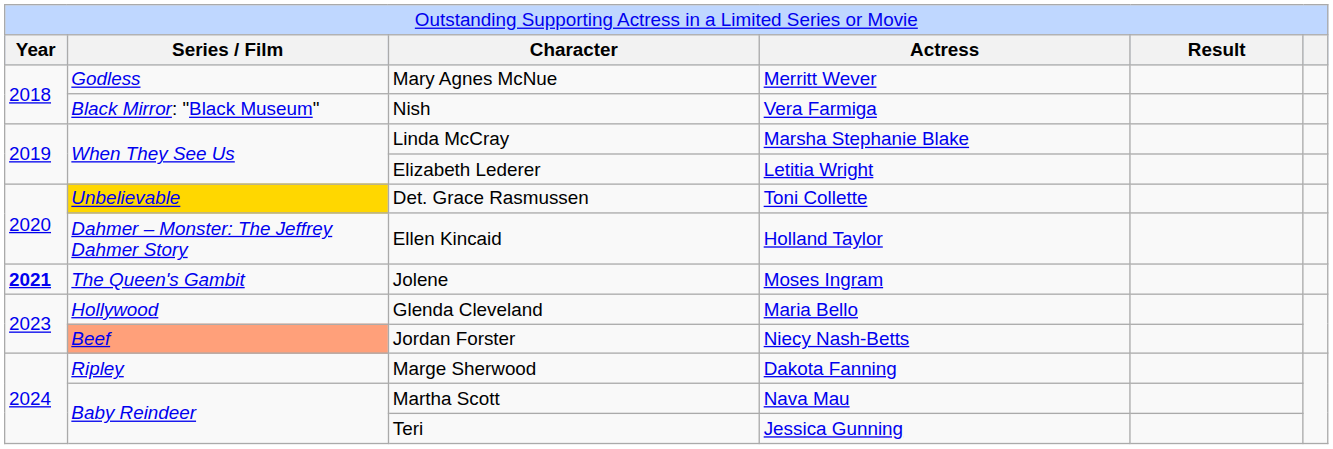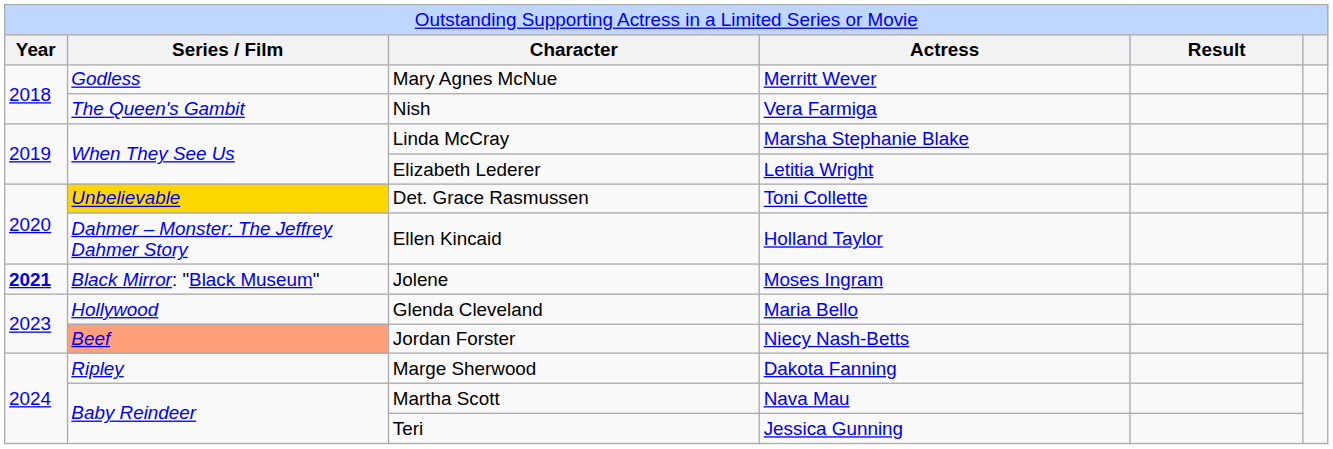 <table class="wikitable plainrowheaders" style="font-size: 90%" width=80%>
 <tr ---- bgcolor="#bfd7ff">
 <td colspan=6 align=center><a href='#'>Outstanding Supporting Actress in a Limited Series or Movie</a></td>
 </tr>
 <tr ---- bgcolor="#bfd7ff">
 <th scope="col" style="width:1%;">Year</th>
 <th scope="col" style="width:13%;">Series / Film</th>
 <th scope="col" style="width:15%;">Character</th>
 <th scope="col" style="width:15%;">Actress</th>
 <th scope="col" style="width:7%;">Result</th>
 <th scope="col" style="width:1%;"></th>
 </tr>
 <tr>
 <td rowspan="2"><a href='#'>2018</a></td>
 <td><em><a href='#'>Godless</a></em></td>
 <td>Mary Agnes McNue</td>
 <td><a href='#'>Merritt Wever</a></td>
 <td></td>
 <td></td>
 </tr>
 <tr>
-<td><em><a href='#'>Black Mirror</a></em>: "<a href='#'>Black Museum</a>"</td>
+<td><em><a href='#'>The Queen's Gambit</a></em></td>
 <td>Nish</td>
 <td><a href='#'>Vera Farmiga</a></td>
 <td></td>
 <td></td>
 </tr>
 <tr>
 <td rowspan="2"><a href='#'>2019</a></td>
 <td rowspan="2"><em><a href='#'>When They See Us</a></em></td>
 <td>Linda McCray</td>
 <td><a href='#'>Marsha Stephanie Blake</a></td>
 <td></td>
 <td></td>
 </tr>
 <tr>
 <td>Elizabeth Lederer</td>
 <td><a href='#'>Letitia Wright</a></td>
 <td></td>
 <td></td>
 </tr>
 <tr>
 <td rowspan="2"><a href='#'>2020</a></td>
 <td style="background: gold;"><em><a href='#'>Unbelievable</a></em></td>
 <td>Det. Grace Rasmussen</td>
 <td><a href='#'>Toni Collette</a></td>
 <td></td>
 <td></td>
 </tr>
 <tr>
 <td><em><a href='#'>Dahmer – Monster: The Jeffrey Dahmer Story</a></em></td>
 <td>Ellen Kincaid</td>
 <td><a href='#'>Holland Taylor</a></td>
 <td></td>
 <td></td>
 </tr>
 <tr>
 <td><strong><a href='#'>2021</a></strong></td>
-<td><em><a href='#'>The Queen's Gambit</a></em></td>
+<td><em><a href='#'>Black Mirror</a></em>: "<a href='#'>Black Museum</a>"</td>
 <td>Jolene</td>
 <td><a href='#'>Moses Ingram</a></td>
 <td></td>
 <td></td>
 </tr>
 <tr>
 <td rowspan="2"><a href='#'>2023</a></td>
 <td><em><a href='#'>Hollywood</a></em></td>
 <td>Glenda Cleveland</td>
 <td><a href='#'>Maria Bello</a></td>
 <td></td>
 <td rowspan="2"></td>
 </tr>
 <tr>
 <td style="background: lightsalmon;"><em><a href='#'>Beef</a></em></td>
 <td>Jordan Forster</td>
 <td><a href='#'>Niecy Nash-Betts</a></td>
 <td></td>
 </tr>
 <tr>
 <td rowspan="3"><a href='#'>2024</a></td>
 <td><em><a href='#'>Ripley</a></em></td>
 <td>Marge Sherwood</td>
 <td><a href='#'>Dakota Fanning</a></td>
 <td></td>
 <td rowspan="3"></td>
 </tr>
 <tr>
 <td rowspan="2"><em><a href='#'>Baby Reindeer</a></em></td>
 <td>Martha Scott</td>
 <td><a href='#'>Nava Mau</a></td>
 <td></td>
 </tr>
 <tr>
 <td>Teri</td>
 <td><a href='#'>Jessica Gunning</a></td>
 <td></td>
 </tr>
 </table>
